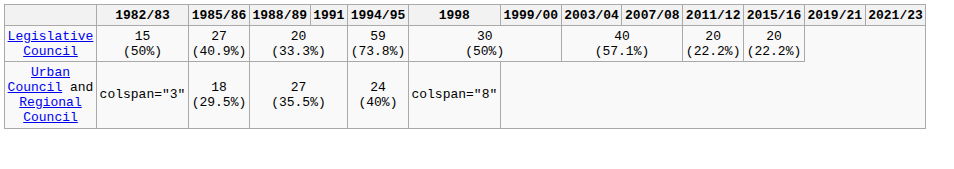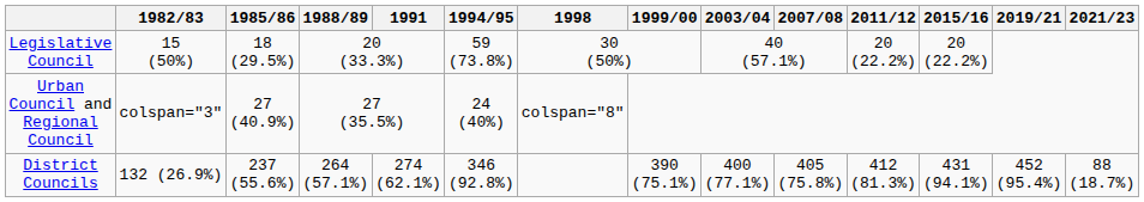 <table class="wikitable" style="text-align: center;">
 <tr>
 <th style=width:10em></th>
 <th style=width:5em>1982/83</th>
 <th style=width:5em>1985/86</th>
 <th style=width:5em>1988/89</th>
 <th style=width:5em>1991</th>
 <th style=width:5em>1994/95</th>
 <th style=width:5em>1998</th>
 <th style=width:5em>1999/00</th>
 <th style=width:5em>2003/04</th>
 <th style=width:5em>2007/08</th>
 <th style=width:5em>2011/12</th>
 <th style=width:5em>2015/16</th>
 <th style=width:5em>2019/21</th>
 <th style=width:5em>2021/23</th>
 </tr>
 <tr>
 <td><a href='#'>Legislative Council</a></td>
 <td>15<br>(50%)</td>
-<td>27 (40.9%)</td>
+<td>18 (29.5%)</td>
 <td colspan="2">20<br>(33.3%)</td>
 <td>59 (73.8%)</td>
 <td colspan="2">30<br>(50%)</td>
 <td colspan="2">40<br>(57.1%)</td>
 <td>20 (22.2%)</td>
 <td>20 (22.2%)</td>
 </tr>
 <tr>
 <td><a href='#'>Urban Council</a> and<br><a href='#'>Regional Council</a></td>
 <td>colspan="3" </td>
-<td>18 (29.5%)</td>
+<td>27 (40.9%)</td>
 <td colspan="2">27<br>(35.5%)</td>
 <td>24<br>(40%)</td>
 <td>colspan="8" </td>
 </tr>
+<tr>
+<td><a href='#'>District Councils</a></td>
+<td>132 (26.9%)</td>
+<td>237 (55.6%)</td>
+<td>264 (57.1%)</td>
+<td>274 (62.1%)</td>
+<td>346 (92.8%)</td>
+<td></td>
+<td>390 (75.1%)</td>
+<td>400 (77.1%)</td>
+<td>405 (75.8%)</td>
+<td>412 (81.3%)</td>
+<td>431 (94.1%)</td>
+<td>452 (95.4%)</td>
+<td>88 (18.7%)</td>
+</tr>
 </table>
